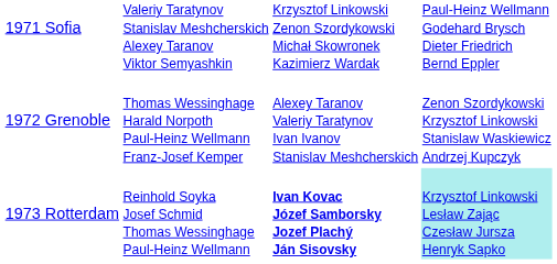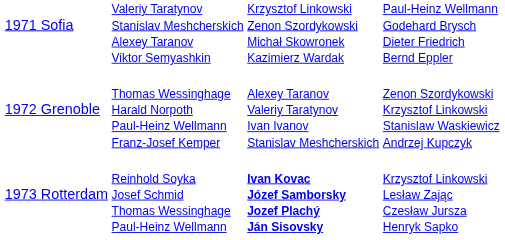 <table>
 <tr>
 </tr>
 <tr>
 <td><a href='#'>1971 Sofia</a><br></td>
 <td><br><small><a href='#'>Valeriy Taratynov</a><br><a href='#'>Stanislav Meshcherskich</a><br><a href='#'>Alexey Taranov</a><br><a href='#'>Viktor Semyashkin</a></small></td>
 <td><br><small><a href='#'>Krzysztof Linkowski</a><br><a href='#'>Zenon Szordykowski</a><br><a href='#'>Michał Skowronek</a><br><a href='#'>Kazimierz Wardak</a></small></td>
 <td><br><small><a href='#'>Paul-Heinz Wellmann</a><br><a href='#'>Godehard Brysch</a><br><a href='#'>Dieter Friedrich</a><br><a href='#'>Bernd Eppler</a></small></td>
 </tr>
 <tr>
 <td><a href='#'>1972 Grenoble</a><br></td>
 <td><br><small><a href='#'>Thomas Wessinghage</a><br><a href='#'>Harald Norpoth</a><br><a href='#'>Paul-Heinz Wellmann</a><br><a href='#'>Franz-Josef Kemper</a></small></td>
 <td><br><small><a href='#'>Alexey Taranov</a><br><a href='#'>Valeriy Taratynov</a><br><a href='#'>Ivan Ivanov</a><br><a href='#'>Stanislav Meshcherskich</a></small></td>
 <td><br><small><a href='#'>Zenon Szordykowski</a><br><a href='#'>Krzysztof Linkowski</a><br><a href='#'>Stanislaw Waskiewicz</a><br><a href='#'>Andrzej Kupczyk</a></small></td>
 </tr>
 <tr>
 <td><a href='#'>1973 Rotterdam</a><br></td>
 <td><br><small><a href='#'>Reinhold Soyka</a><br><a href='#'>Josef Schmid</a><br><a href='#'>Thomas Wessinghage</a><br><a href='#'>Paul-Heinz Wellmann</a></small></td>
 <td><strong><br><small><a href='#'>Ivan Kovac</a><br><a href='#'>Józef Samborsky</a><br><a href='#'>Jozef Plachý</a><br><a href='#'>Ján Sisovsky</a></small></strong></td>
-<td style="background: paleturquoise;"><br><small><a href='#'>Krzysztof Linkowski</a><br><a href='#'>Lesław Zając</a><br><a href='#'>Czesław Jursza</a><br><a href='#'>Henryk Sapko</a></small></td>
+<td><br><small><a href='#'>Krzysztof Linkowski</a><br><a href='#'>Lesław Zając</a><br><a href='#'>Czesław Jursza</a><br><a href='#'>Henryk Sapko</a></small></td>
 </tr>
 <tr>
 </tr>
 </table>
